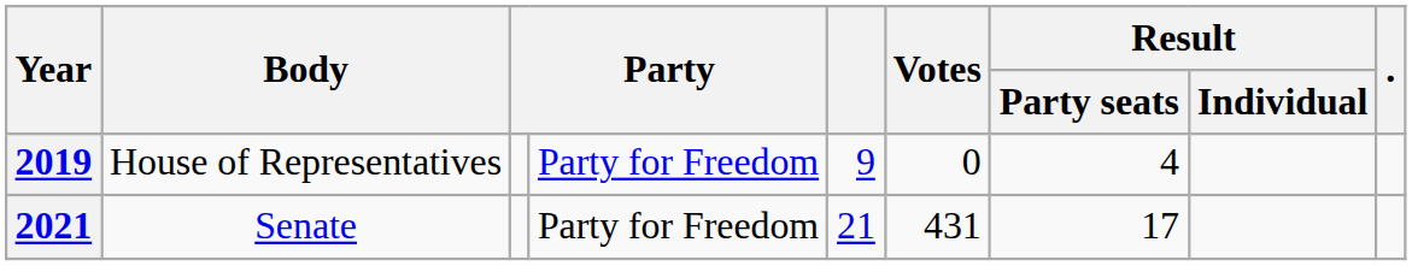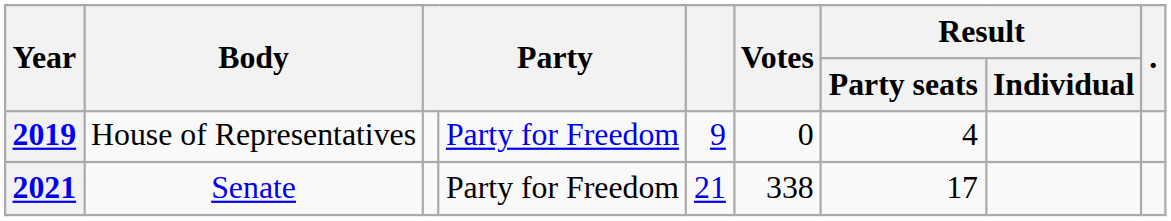 <table class="wikitable plainrowheaders sortable" border=2 cellpadding=4 cellspacing=0 style="border: 1px #aaa solid; font-size: 90%; text-align:center;">
 <tr>
 <th scope="col" rowspan=2>Year</th>
 <th scope="col" rowspan=2>Body</th>
 <th scope="col" colspan=2 rowspan=2>Party</th>
 <th scope="col" rowspan=2></th>
 <th scope="col" rowspan=2>Votes</th>
 <th scope="colgroup" colspan=2>Result</th>
 <th scope="col" rowspan=2 class="unsortable">.</th>
 </tr>
 <tr>
 <th scope="col">Party seats</th>
 <th scope="col">Individual</th>
 </tr>
 <tr>
 <th scope="row"><a href='#'>2019</a></th>
 <td>House of Representatives</td>
 <td style="background-color:"></td>
 <td><a href='#'>Party for Freedom</a></td>
 <td style=text-align:right><a href='#'>9</a></td>
 <td style=text-align:right>0</td>
 <td style=text-align:right>4</td>
 <td></td>
 <td></td>
 </tr>
 <tr>
 <th scope="row"><a href='#'>2021</a></th>
 <td><a href='#'>Senate</a></td>
 <td style="background-color:"></td>
 <td>Party for Freedom</td>
 <td style=text-align:right><a href='#'>21</a></td>
-<td style=text-align:right>431</td>
+<td style=text-align:right>338</td>
 <td style=text-align:right>17</td>
 <td></td>
 <td></td>
 </tr>
 </table>
